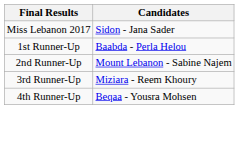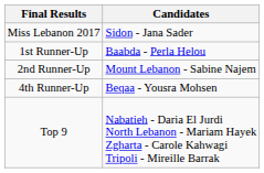 <table class="wikitable" border="1">
 <tr>
 <th>Final Results</th>
 <th>Candidates</th>
 </tr>
 <tr>
 <td style="text-align:center;">Miss Lebanon 2017</td>
 <td><a href='#'>Sidon</a> - Jana Sader</td>
 </tr>
 <tr>
 <td style="text-align:center;">1st Runner-Up</td>
 <td><a href='#'>Baabda</a> - <a href='#'>Perla Helou</a></td>
 </tr>
 <tr>
 <td style="text-align:center;">2nd Runner-Up</td>
 <td><a href='#'>Mount Lebanon</a> - Sabine Najem</td>
 </tr>
 <tr>
-<td style="text-align:center;">3rd Runner-Up</td>
-<td><a href='#'>Miziara</a> - Reem Khoury</td>
-</tr>
-<tr>
 <td style="text-align:center;">4th Runner-Up</td>
 <td><a href='#'>Beqaa</a> - Yousra Mohsen</td>
 </tr>
+<tr>
+<td style="text-align:center;">Top 9</td>
+<td><br><a href='#'>Nabatieh</a> - Daria El Jurdi<br> <a href='#'>North Lebanon</a> - Mariam Hayek<br> <a href='#'>Zgharta</a> - Carole Kahwagi<br> <a href='#'>Tripoli</a> - Mireille Barrak<br></td>
+</tr>
 </table>
